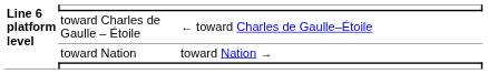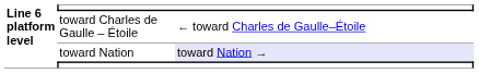 <table border=0 cellspacing=0 cellpadding=3>
 <tr>
 <td style="border-bottom:solid 1px gray;" width=50 rowspan=10 valign=top><strong>Line 6 platform level</strong></td>
 <td style="border-top:solid 1px gray;border-right:solid 2px black;border-left:solid 2px black;border-bottom:solid 2px black;text-align:center;" colspan=2></td>
 </tr>
 <tr>
 <td style="border-bottom:solid 1px gray;" width=150>toward Charles de Gaulle – Étoile</td>
 <td style="border-bottom:solid 1px gray;" width=390>←   toward <a href='#'>Charles de Gaulle–Étoile</a> </td>
 </tr>
 <tr>
 <td>toward Nation</td>
-<td>   toward <a href='#'>Nation</a>  →</td>
+<td style="background: lavender;">   toward <a href='#'>Nation</a>  →</td>
 </tr>
 <tr>
 <td style="border-top:solid 2px black;border-right:solid 2px black;border-left:solid 2px black;border-bottom:solid 1px gray;text-align:center;" colspan=2></td>
 </tr>
 </table>
